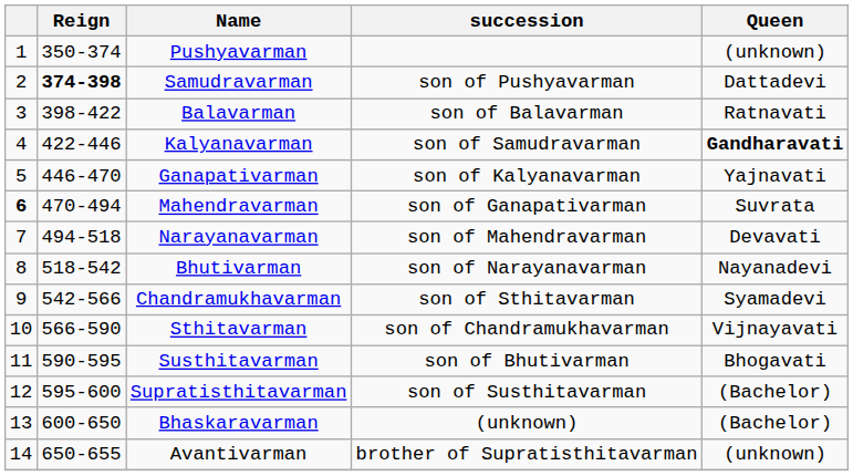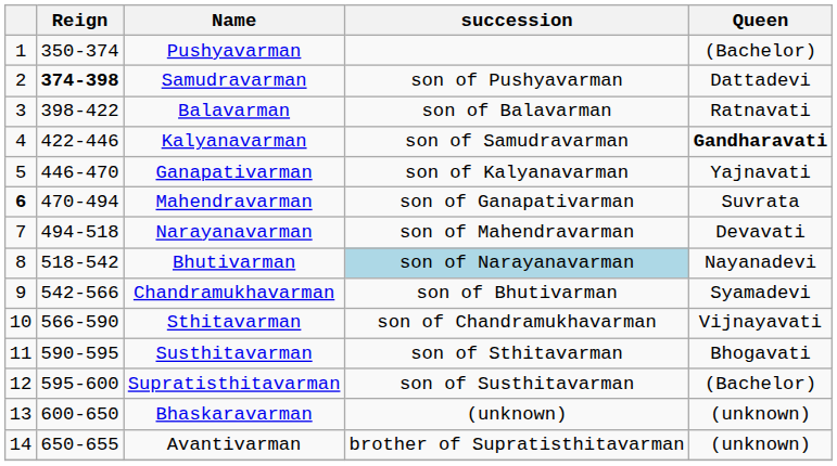 <table class="wikitable" style="text-align:center;" align="center">
 <tr>
 <th></th>
 <th>Reign</th>
 <th>Name</th>
 <th>succession</th>
 <th>Queen</th>
 </tr>
 <tr>
 <td>1</td>
 <td>350-374</td>
 <td><a href='#'>Pushyavarman</a></td>
 <td></td>
-<td>(unknown)</td>
+<td>(Bachelor)</td>
 </tr>
 <tr>
 <td>2</td>
 <td><strong>374-398</strong></td>
 <td><a href='#'>Samudravarman</a></td>
 <td>son of Pushyavarman</td>
 <td>Dattadevi</td>
 </tr>
 <tr>
 <td>3</td>
 <td>398-422</td>
 <td><a href='#'>Balavarman</a></td>
 <td>son of Balavarman</td>
 <td>Ratnavati</td>
 </tr>
 <tr>
 <td>4</td>
 <td>422-446</td>
 <td><a href='#'>Kalyanavarman</a></td>
 <td>son of Samudravarman</td>
 <td><strong>Gandharavati</strong></td>
 </tr>
 <tr>
 <td>5</td>
 <td>446-470</td>
 <td><a href='#'>Ganapativarman</a></td>
 <td>son of Kalyanavarman</td>
 <td>Yajnavati</td>
 </tr>
 <tr>
 <td><strong>6</strong></td>
 <td>470-494</td>
 <td><a href='#'>Mahendravarman</a></td>
 <td>son of Ganapativarman</td>
 <td>Suvrata</td>
 </tr>
 <tr>
 <td>7</td>
 <td>494-518</td>
 <td><a href='#'>Narayanavarman</a></td>
 <td>son of Mahendravarman</td>
 <td>Devavati</td>
 </tr>
 <tr>
 <td>8</td>
 <td>518-542</td>
 <td><a href='#'>Bhutivarman</a></td>
-<td>son of Narayanavarman</td>
+<td style="background: lightblue;">son of Narayanavarman</td>
 <td>Nayanadevi</td>
 </tr>
 <tr>
 <td>9</td>
 <td>542-566</td>
 <td><a href='#'>Chandramukhavarman</a></td>
-<td>son of Sthitavarman</td>
+<td>son of Bhutivarman</td>
 <td>Syamadevi</td>
 </tr>
 <tr>
 <td>10</td>
 <td>566-590</td>
 <td><a href='#'>Sthitavarman</a></td>
 <td>son of Chandramukhavarman</td>
 <td>Vijnayavati</td>
 </tr>
 <tr>
 <td>11</td>
 <td>590-595</td>
 <td><a href='#'>Susthitavarman</a></td>
-<td>son of Bhutivarman</td>
+<td>son of Sthitavarman</td>
 <td>Bhogavati</td>
 </tr>
 <tr>
 <td>12</td>
 <td>595-600</td>
 <td><a href='#'>Supratisthitavarman</a></td>
 <td>son of Susthitavarman</td>
 <td>(Bachelor)</td>
 </tr>
 <tr>
 <td>13</td>
 <td>600-650</td>
 <td><a href='#'>Bhaskaravarman</a></td>
 <td>(unknown)</td>
-<td>(Bachelor)</td>
+<td>(unknown)</td>
 </tr>
 <tr>
 <td>14</td>
 <td>650-655</td>
 <td>Avantivarman</td>
 <td>brother of Supratisthitavarman</td>
 <td>(unknown)</td>
 </tr>
 <tr>
 </tr>
 </table>
